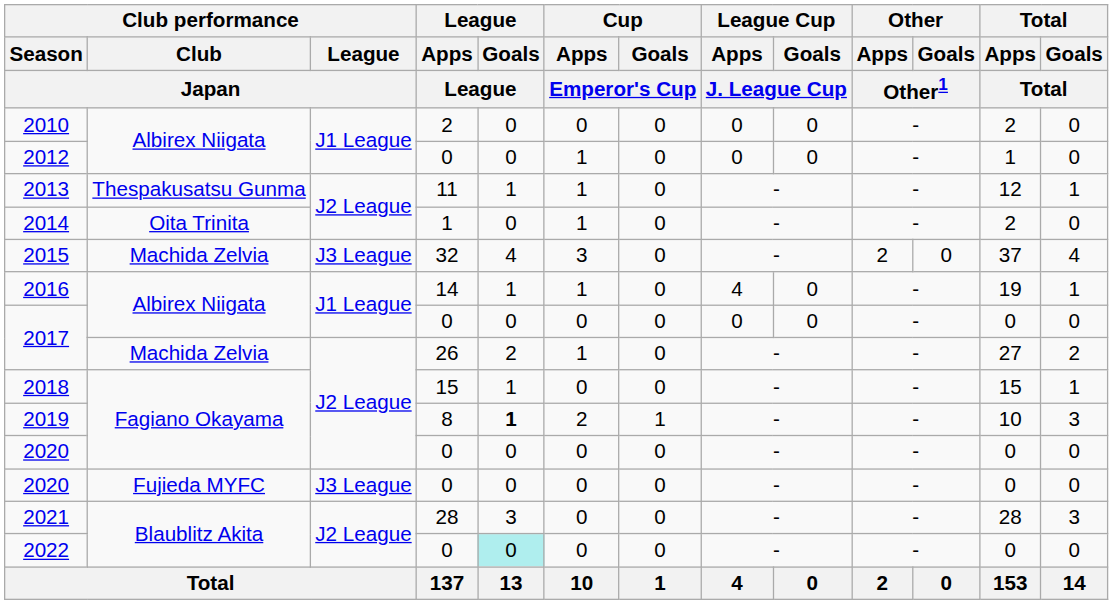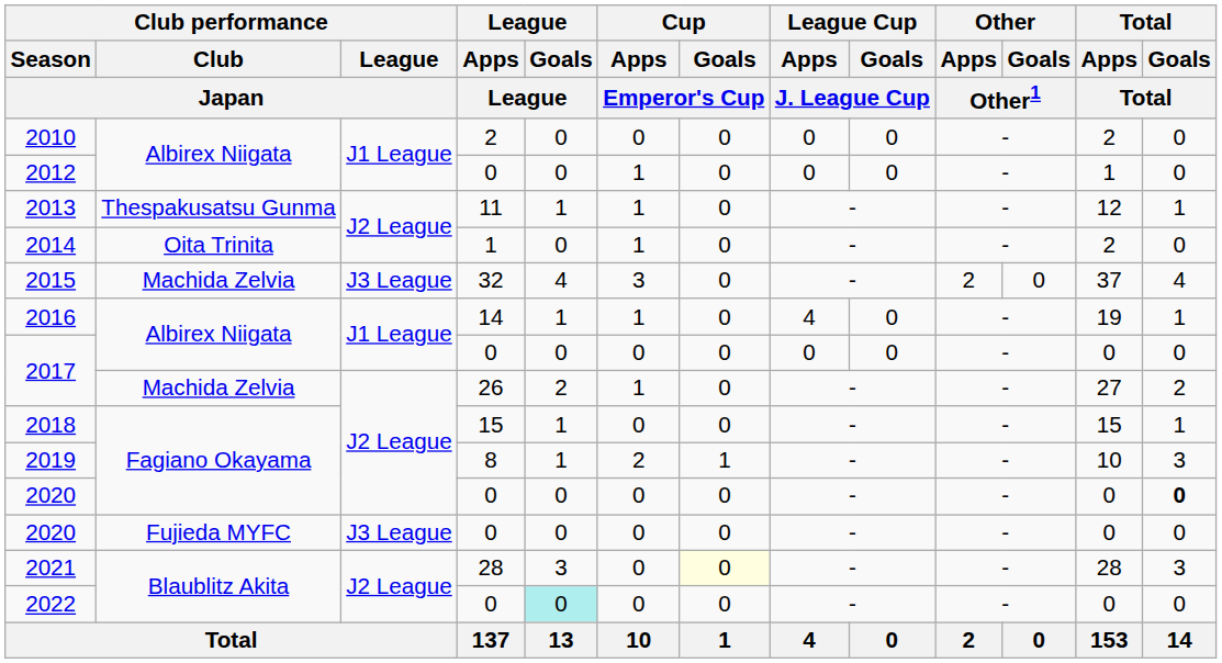 <table class="wikitable" style="text-align:center;">
 <tr>
 <th colspan=3>Club performance</th>
 <th colspan=2>League</th>
 <th colspan=2>Cup</th>
 <th colspan=2>League Cup</th>
 <th colspan=2>Other</th>
 <th colspan=2>Total</th>
 </tr>
 <tr>
 <th>Season</th>
 <th>Club</th>
 <th>League</th>
 <th>Apps</th>
 <th>Goals</th>
 <th>Apps</th>
 <th>Goals</th>
 <th>Apps</th>
 <th>Goals</th>
 <th>Apps</th>
 <th>Goals</th>
 <th>Apps</th>
 <th>Goals</th>
 </tr>
 <tr>
 <th colspan=3>Japan</th>
 <th colspan=2>League</th>
 <th colspan=2><a href='#'>Emperor's Cup</a></th>
 <th colspan=2><a href='#'>J. League Cup</a></th>
 <th colspan="2">Other<sup><a href='#'>1</a></sup></th>
 <th colspan=2>Total</th>
 </tr>
 <tr>
 <td><a href='#'>2010</a></td>
 <td rowspan="2"><a href='#'>Albirex Niigata</a></td>
 <td rowspan="2"><a href='#'>J1 League</a></td>
 <td>2</td>
 <td>0</td>
 <td>0</td>
 <td>0</td>
 <td>0</td>
 <td>0</td>
 <td colspan="2">-</td>
 <td>2</td>
 <td>0</td>
 </tr>
 <tr>
 <td><a href='#'>2012</a></td>
 <td>0</td>
 <td>0</td>
 <td>1</td>
 <td>0</td>
 <td>0</td>
 <td>0</td>
 <td colspan="2">-</td>
 <td>1</td>
 <td>0</td>
 </tr>
 <tr>
 <td><a href='#'>2013</a></td>
 <td><a href='#'>Thespakusatsu Gunma</a></td>
 <td rowspan="2"><a href='#'>J2 League</a></td>
 <td>11</td>
 <td>1</td>
 <td>1</td>
 <td>0</td>
 <td colspan="2">-</td>
 <td colspan="2">-</td>
 <td>12</td>
 <td>1</td>
 </tr>
 <tr>
 <td><a href='#'>2014</a></td>
 <td><a href='#'>Oita Trinita</a></td>
 <td>1</td>
 <td>0</td>
 <td>1</td>
 <td>0</td>
 <td colspan="2">-</td>
 <td colspan="2">-</td>
 <td>2</td>
 <td>0</td>
 </tr>
 <tr>
 <td><a href='#'>2015</a></td>
 <td><a href='#'>Machida Zelvia</a></td>
 <td><a href='#'>J3 League</a></td>
 <td>32</td>
 <td>4</td>
 <td>3</td>
 <td>0</td>
 <td colspan="2">-</td>
 <td>2</td>
 <td>0</td>
 <td>37</td>
 <td>4</td>
 </tr>
 <tr>
 <td><a href='#'>2016</a></td>
 <td rowspan="2"><a href='#'>Albirex Niigata</a></td>
 <td rowspan="2"><a href='#'>J1 League</a></td>
 <td>14</td>
 <td>1</td>
 <td>1</td>
 <td>0</td>
 <td>4</td>
 <td>0</td>
 <td colspan="2">-</td>
 <td>19</td>
 <td>1</td>
 </tr>
 <tr>
 <td rowspan="2"><a href='#'>2017</a></td>
 <td>0</td>
 <td>0</td>
 <td>0</td>
 <td>0</td>
 <td>0</td>
 <td>0</td>
 <td colspan="2">-</td>
 <td>0</td>
 <td>0</td>
 </tr>
 <tr>
 <td><a href='#'>Machida Zelvia</a></td>
 <td rowspan="4"><a href='#'>J2 League</a></td>
 <td>26</td>
 <td>2</td>
 <td>1</td>
 <td>0</td>
 <td colspan="2">-</td>
 <td colspan="2">-</td>
 <td>27</td>
 <td>2</td>
 </tr>
 <tr>
 <td><a href='#'>2018</a></td>
 <td rowspan="3"><a href='#'>Fagiano Okayama</a></td>
 <td>15</td>
 <td>1</td>
 <td>0</td>
 <td>0</td>
 <td colspan="2">-</td>
 <td colspan="2">-</td>
 <td>15</td>
 <td>1</td>
 </tr>
 <tr>
 <td><a href='#'>2019</a></td>
 <td>8</td>
-<td><strong>1</strong></td>
+<td>1</td>
 <td>2</td>
 <td>1</td>
 <td colspan="2">-</td>
 <td colspan="2">-</td>
 <td>10</td>
 <td>3</td>
 </tr>
 <tr>
 <td><a href='#'>2020</a></td>
 <td>0</td>
 <td>0</td>
 <td>0</td>
 <td>0</td>
 <td colspan="2">-</td>
 <td colspan="2">-</td>
 <td>0</td>
-<td>0</td>
+<td><strong>0</strong></td>
 </tr>
 <tr>
 <td><a href='#'>2020</a></td>
 <td><a href='#'>Fujieda MYFC</a></td>
 <td><a href='#'>J3 League</a></td>
 <td>0</td>
 <td>0</td>
 <td>0</td>
 <td>0</td>
 <td colspan="2">-</td>
 <td colspan="2">-</td>
 <td>0</td>
 <td>0</td>
 </tr>
 <tr>
 <td><a href='#'>2021</a></td>
 <td rowspan="2"><a href='#'>Blaublitz Akita</a></td>
 <td rowspan="2"><a href='#'>J2 League</a></td>
 <td>28</td>
 <td>3</td>
 <td>0</td>
-<td>0</td>
+<td style="background: lightyellow;">0</td>
 <td colspan="2">-</td>
 <td colspan="2">-</td>
 <td>28</td>
 <td>3</td>
 </tr>
 <tr>
 <td><a href='#'>2022</a></td>
 <td>0</td>
 <td style="background: paleturquoise;">0</td>
 <td>0</td>
 <td>0</td>
 <td colspan="2">-</td>
 <td colspan="2">-</td>
 <td>0</td>
 <td>0</td>
 </tr>
 <tr>
 <th colspan=3>Total</th>
 <th>137</th>
 <th>13</th>
 <th>10</th>
 <th>1</th>
 <th>4</th>
 <th>0</th>
 <th>2</th>
 <th>0</th>
 <th>153</th>
 <th>14</th>
 </tr>
 </table>
